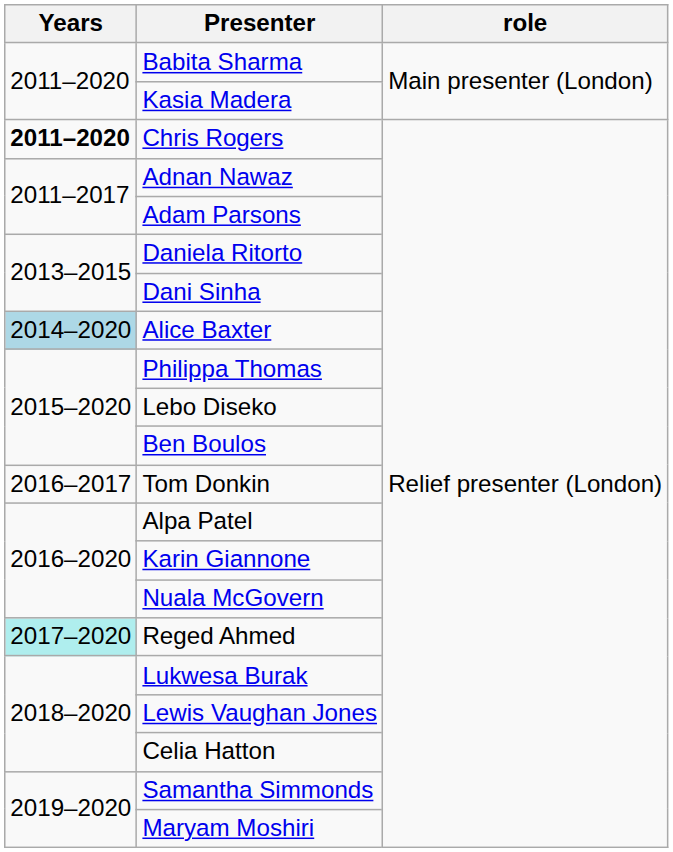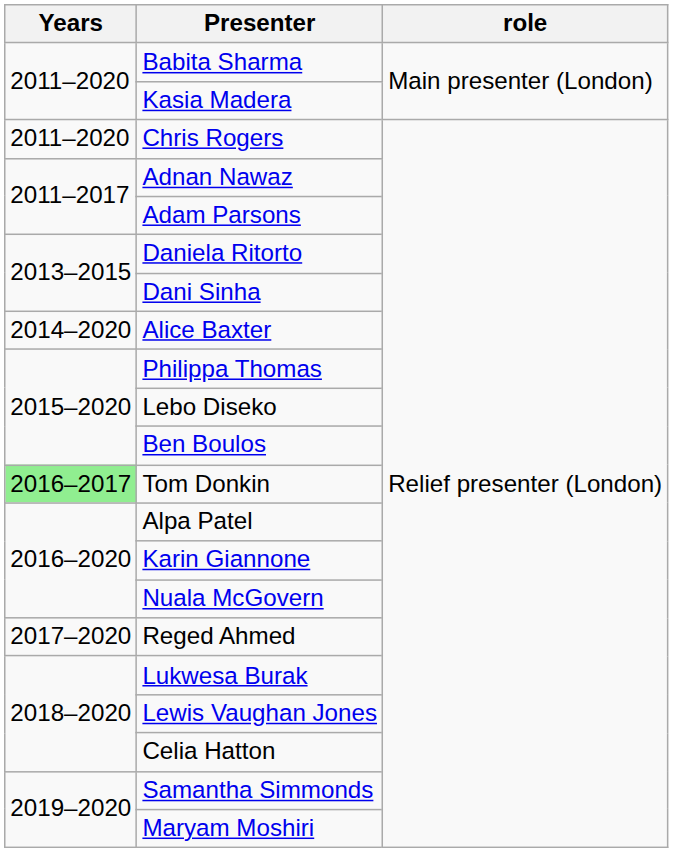 <table class="wikitable">
 <tr style="text-align:center;">
 <th>Years</th>
 <th>Presenter</th>
 <th>role</th>
 </tr>
 <tr>
 <td rowspan="2">2011–2020</td>
 <td><a href='#'>Babita Sharma</a></td>
 <td rowspan="2">Main presenter (London)</td>
 </tr>
 <tr>
 <td><a href='#'>Kasia Madera</a></td>
 </tr>
 <tr>
-<td><strong>2011–2020</strong></td>
+<td>2011–2020</td>
 <td><a href='#'>Chris Rogers</a></td>
 <td rowspan="19">Relief presenter (London)</td>
 </tr>
 <tr>
 <td rowspan="2">2011–2017</td>
 <td><a href='#'>Adnan Nawaz</a></td>
 </tr>
 <tr>
 <td><a href='#'>Adam Parsons</a></td>
 </tr>
 <tr>
 <td rowspan="2">2013–2015</td>
 <td><a href='#'>Daniela Ritorto</a></td>
 </tr>
 <tr>
 <td><a href='#'>Dani Sinha</a></td>
 </tr>
 <tr>
-<td style="background: lightblue;">2014–2020</td>
+<td>2014–2020</td>
 <td><a href='#'>Alice Baxter</a></td>
 </tr>
 <tr>
 <td rowspan="3">2015–2020</td>
 <td><a href='#'>Philippa Thomas</a></td>
 </tr>
 <tr>
 <td>Lebo Diseko</td>
 </tr>
 <tr>
 <td><a href='#'>Ben Boulos</a></td>
 </tr>
 <tr>
-<td>2016–2017</td>
+<td style="background: lightgreen;">2016–2017</td>
 <td>Tom Donkin</td>
 </tr>
 <tr>
 <td rowspan="3">2016–2020</td>
 <td>Alpa Patel</td>
 </tr>
 <tr>
 <td><a href='#'>Karin Giannone</a></td>
 </tr>
 <tr>
 <td><a href='#'>Nuala McGovern</a></td>
 </tr>
 <tr>
-<td style="background: paleturquoise;">2017–2020</td>
+<td>2017–2020</td>
 <td>Reged Ahmed</td>
 </tr>
 <tr>
 <td rowspan="3">2018–2020</td>
 <td><a href='#'>Lukwesa Burak</a></td>
 </tr>
 <tr>
 <td><a href='#'>Lewis Vaughan Jones</a></td>
 </tr>
 <tr>
 <td>Celia Hatton</td>
 </tr>
 <tr>
 <td rowspan="2">2019–2020</td>
 <td><a href='#'>Samantha Simmonds</a></td>
 </tr>
 <tr>
 <td><a href='#'>Maryam Moshiri</a></td>
 </tr>
 </table>
